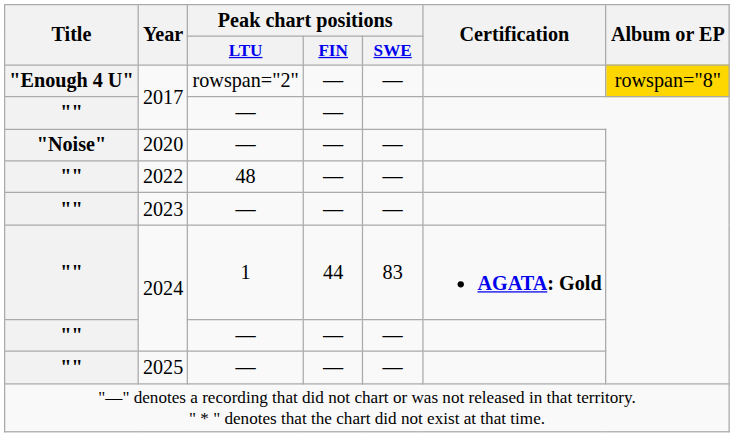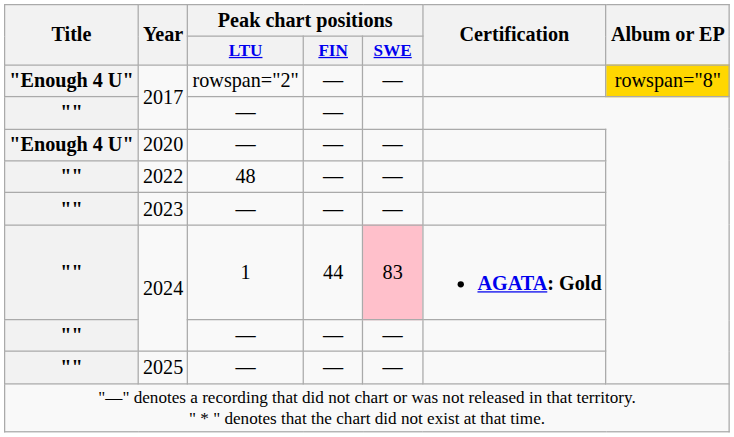 <table class="wikitable plainrowheaders" style="text-align:center;">
 <tr>
 <th scope="col" rowspan="2">Title</th>
 <th scope="col" rowspan="2">Year</th>
 <th scope="col" colspan="3">Peak chart positions</th>
 <th scope="col" rowspan="2">Certification</th>
 <th scope="col" rowspan="2">Album or EP</th>
 </tr>
 <tr>
 <th scope="col" style="width:3em;font-size:85%;"><a href='#'>LTU</a><br></th>
 <th scope="col" style="width:3em;font-size:85%;"><a href='#'>FIN</a><br></th>
 <th scope="col" style="width:3em;font-size:85%;"><a href='#'>SWE</a><br></th>
 </tr>
 <tr>
 <th scope="row">"Enough 4 U"</th>
 <td rowspan="2">2017</td>
 <td>rowspan="2" </td>
 <td>—</td>
 <td>—</td>
 <td></td>
 <td style="background: gold;">rowspan="8" </td>
 </tr>
 <tr>
 <th scope="row">""</th>
 <td>—</td>
 <td>—</td>
 <td></td>
 </tr>
 <tr>
-<th scope="row">"Noise"</th>
+<th scope="row">"Enough 4 U"</th>
 <td>2020</td>
 <td>—</td>
 <td>—</td>
 <td>—</td>
 <td></td>
 </tr>
 <tr>
 <th scope="row">""</th>
 <td>2022</td>
 <td>48</td>
 <td>—</td>
 <td>—</td>
 <td></td>
 </tr>
 <tr>
 <th scope="row">""</th>
 <td>2023</td>
 <td>—</td>
 <td>—</td>
 <td>—</td>
 <td></td>
 </tr>
 <tr>
 <th scope="row">""</th>
 <td rowspan="2">2024</td>
 <td>1</td>
 <td>44</td>
-<td>83</td>
+<td style="background: pink;">83</td>
 <td><strong><br><ul><li><a href='#'>AGATA</a>: Gold</li></ul></strong></td>
 </tr>
 <tr>
 <th scope="row">""</th>
 <td>—</td>
 <td>—</td>
 <td>—</td>
 <td></td>
 </tr>
 <tr>
 <th scope="row">""</th>
 <td>2025</td>
 <td>—</td>
 <td>—</td>
 <td>—</td>
 <td></td>
 </tr>
 <tr>
 <td colspan="7" style="font-size:85%">"—" denotes a recording that did not chart or was not released in that territory.<br>" * " denotes that the chart did not exist at that time.</td>
 </tr>
 </table>
